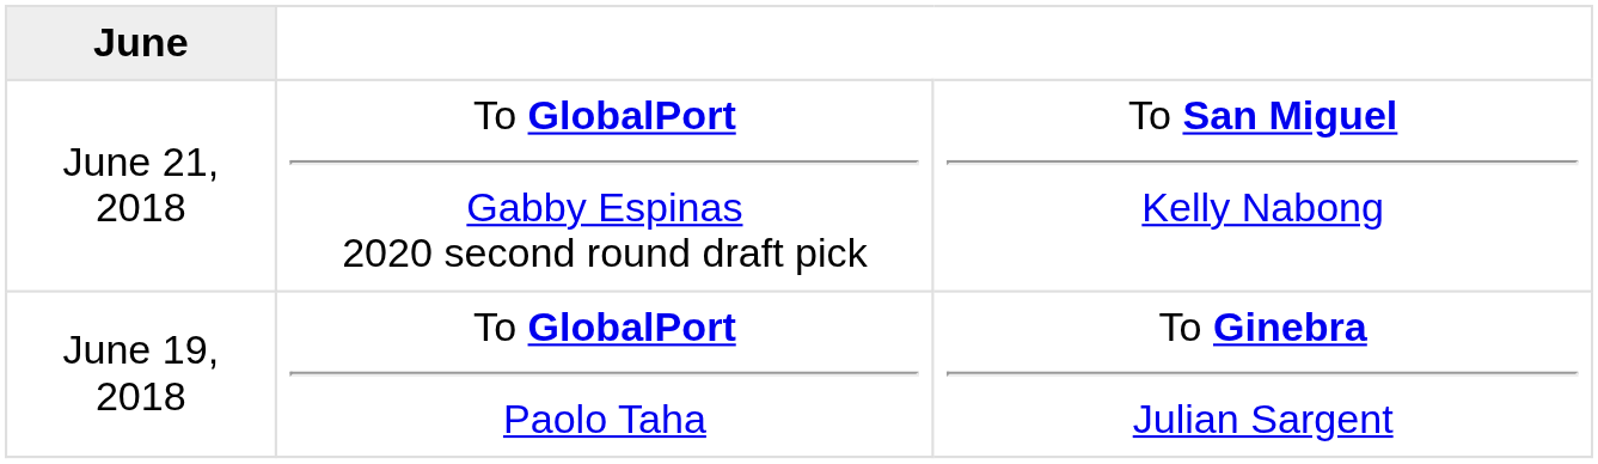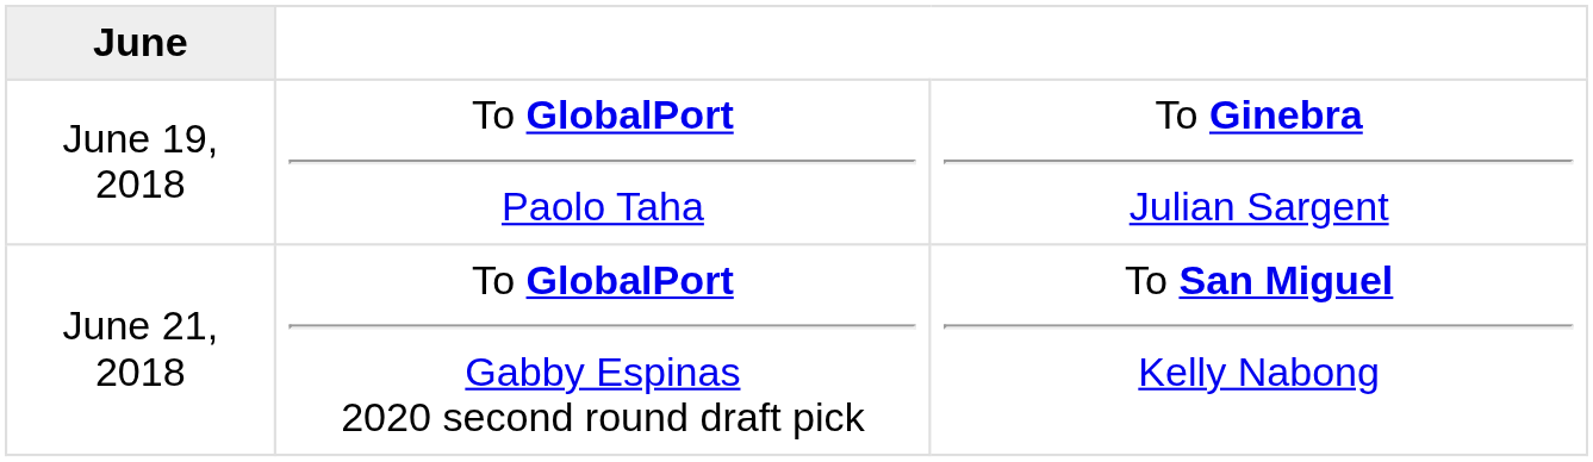 <table border=1 style="border-collapse:collapse; text-align: center; width: 100%" bordercolor="#DFDFDF"  cellpadding="5">
 <tr bgcolor="eeeeee">
 <th>June</th>
+</tr>
+<tr>
+<td style="width:12%">June 19, 2018</td>
+<td style="width:29.3%" valign="top">To <strong><a href='#'>GlobalPort</a></strong><hr><a href='#'>Paolo Taha</a></td>
+<td style="width:29.3%" valign="top">To <strong><a href='#'>Ginebra</a></strong><hr><a href='#'>Julian Sargent</a></td>
 </tr>
 <tr>
 <td style="width:12%">June 21, 2018</td>
 <td style="width:29.3%" valign="top">To <strong><a href='#'>GlobalPort</a></strong><hr><a href='#'>Gabby Espinas</a><br> 2020 second round draft pick</td>
 <td style="width:29.3%" valign="top">To <strong><a href='#'>San Miguel</a></strong><hr><a href='#'>Kelly Nabong</a></td>
 </tr>
-<tr>
-<td style="width:12%">June 19, 2018</td>
-<td style="width:29.3%" valign="top">To <strong><a href='#'>GlobalPort</a></strong><hr><a href='#'>Paolo Taha</a></td>
-<td style="width:29.3%" valign="top">To <strong><a href='#'>Ginebra</a></strong><hr><a href='#'>Julian Sargent</a></td>
-</tr>
 </table>
